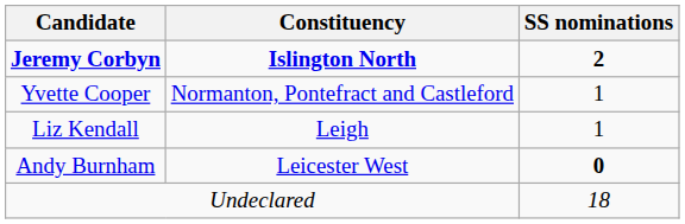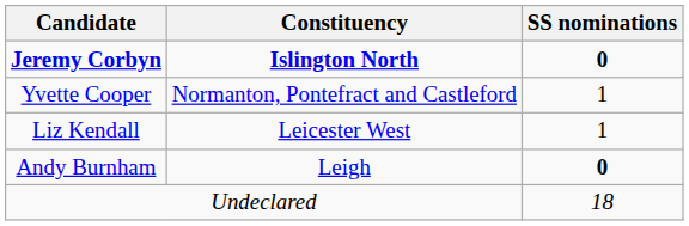 <table class="wikitable floatright">
 <tr>
 <th>Candidate</th>
 <th>Constituency</th>
 <th>SS nominations</th>
 </tr>
 <tr style="text-align: center;" |>
 <td><strong><a href='#'>Jeremy Corbyn</a></strong></td>
 <td><strong><a href='#'>Islington North</a></strong></td>
-<td><strong>2</strong></td>
+<td><strong>0</strong></td>
 </tr>
 <tr style="text-align: center;" |>
 <td><a href='#'>Yvette Cooper</a></td>
 <td><a href='#'>Normanton, Pontefract and Castleford</a></td>
 <td>1</td>
 </tr>
 <tr style="text-align: center;" |>
 <td><a href='#'>Liz Kendall</a></td>
-<td><a href='#'>Leigh</a></td>
+<td><a href='#'>Leicester West</a></td>
 <td>1</td>
 </tr>
 <tr style="text-align: center;" |>
 <td><a href='#'>Andy Burnham</a></td>
-<td><a href='#'>Leicester West</a></td>
+<td><a href='#'>Leigh</a></td>
 <td><strong>0</strong></td>
 </tr>
 <tr style="background-color: ">
 <td colspan="2" style="text-align: center;"><em>Undeclared</em></td>
 <td style="text-align: center;"><em>18</em></td>
 </tr>
 </table>
